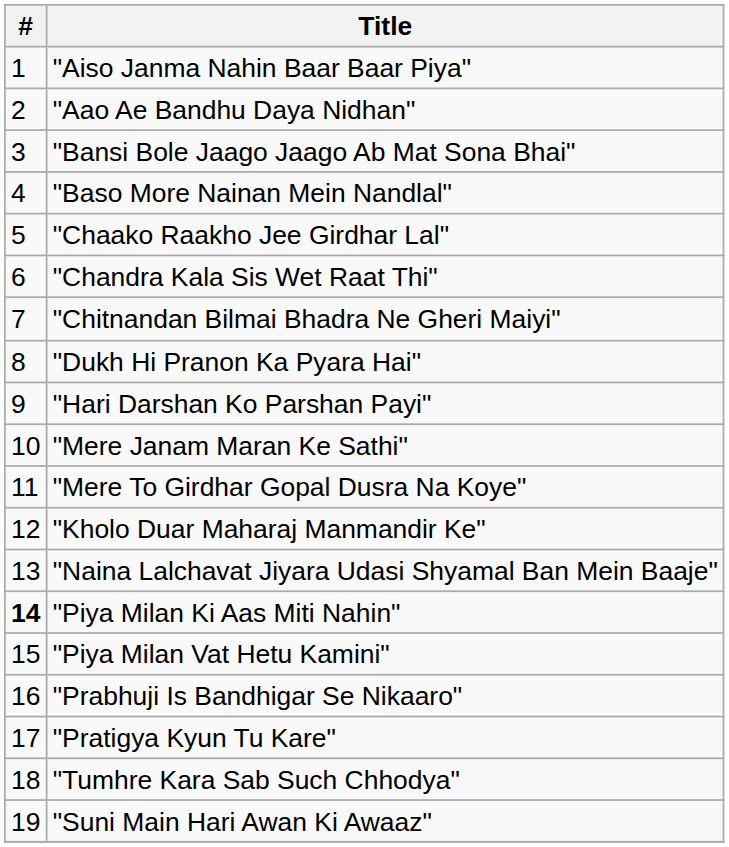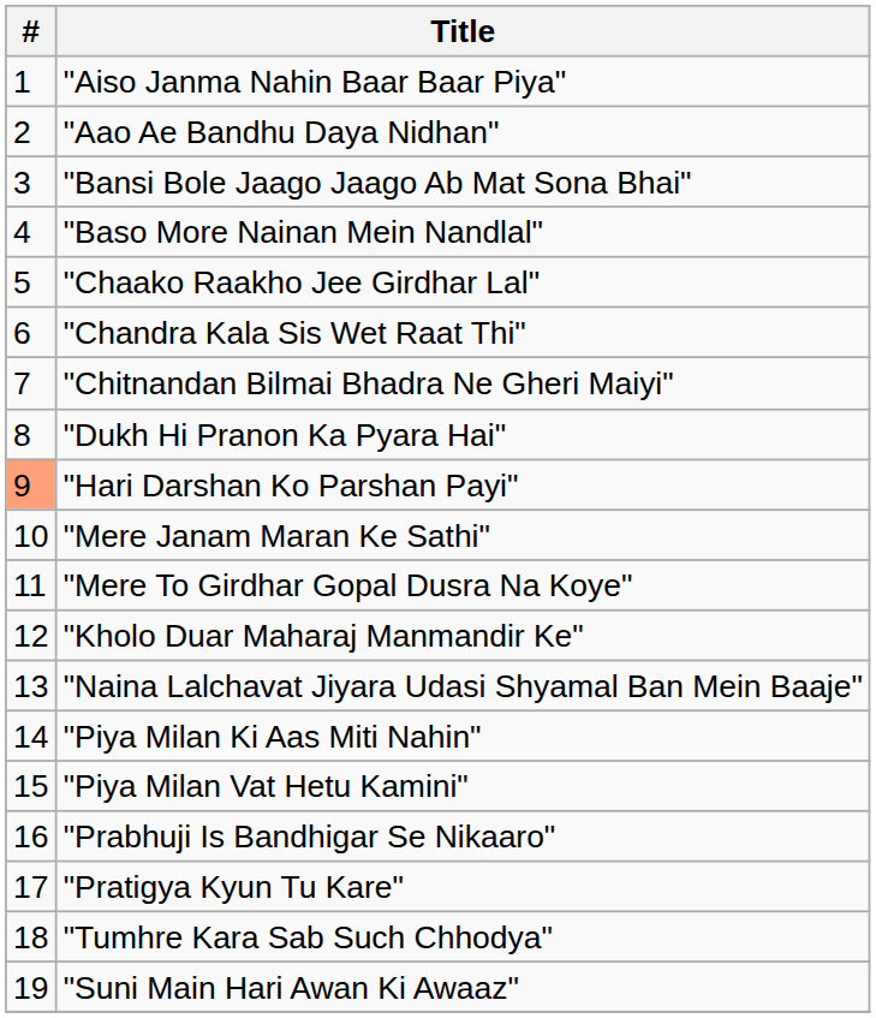 <table class="wikitable" style="font-size:95%;">
 <tr>
 <th>#</th>
 <th>Title</th>
 </tr>
 <tr>
 <td>1</td>
 <td>"Aiso Janma Nahin Baar Baar Piya"</td>
 </tr>
 <tr>
 <td>2</td>
 <td>"Aao Ae Bandhu Daya Nidhan"</td>
 </tr>
 <tr>
 <td>3</td>
 <td>"Bansi Bole Jaago Jaago Ab Mat Sona Bhai"</td>
 </tr>
 <tr>
 <td>4</td>
 <td>"Baso More Nainan Mein Nandlal"</td>
 </tr>
 <tr>
 <td>5</td>
 <td>"Chaako Raakho Jee Girdhar Lal"</td>
 </tr>
 <tr>
 <td>6</td>
 <td>"Chandra Kala Sis Wet Raat Thi"</td>
 </tr>
 <tr>
 <td>7</td>
 <td>"Chitnandan Bilmai Bhadra Ne Gheri Maiyi"</td>
 </tr>
 <tr>
 <td>8</td>
 <td>"Dukh Hi Pranon Ka Pyara Hai"</td>
 </tr>
 <tr>
-<td>9</td>
+<td style="background: lightsalmon;">9</td>
 <td>"Hari Darshan Ko Parshan Payi"</td>
 </tr>
 <tr>
 <td>10</td>
 <td>"Mere Janam Maran Ke Sathi"</td>
 </tr>
 <tr>
 <td>11</td>
 <td>"Mere To Girdhar Gopal Dusra Na Koye"</td>
 </tr>
 <tr>
 <td>12</td>
 <td>"Kholo Duar Maharaj Manmandir Ke"</td>
 </tr>
 <tr>
 <td>13</td>
 <td>"Naina Lalchavat Jiyara Udasi Shyamal Ban Mein Baaje"</td>
 </tr>
 <tr>
-<td><strong>14</strong></td>
+<td>14</td>
 <td>"Piya Milan Ki Aas Miti Nahin"</td>
 </tr>
 <tr>
 <td>15</td>
 <td>"Piya Milan Vat Hetu Kamini"</td>
 </tr>
 <tr>
 <td>16</td>
 <td>"Prabhuji Is Bandhigar Se Nikaaro"</td>
 </tr>
 <tr>
 <td>17</td>
 <td>"Pratigya Kyun Tu Kare"</td>
 </tr>
 <tr>
 <td>18</td>
 <td>"Tumhre Kara Sab Such Chhodya"</td>
 </tr>
 <tr>
 <td>19</td>
 <td>"Suni Main Hari Awan Ki Awaaz"</td>
 </tr>
 <tr>
 </tr>
 </table>
